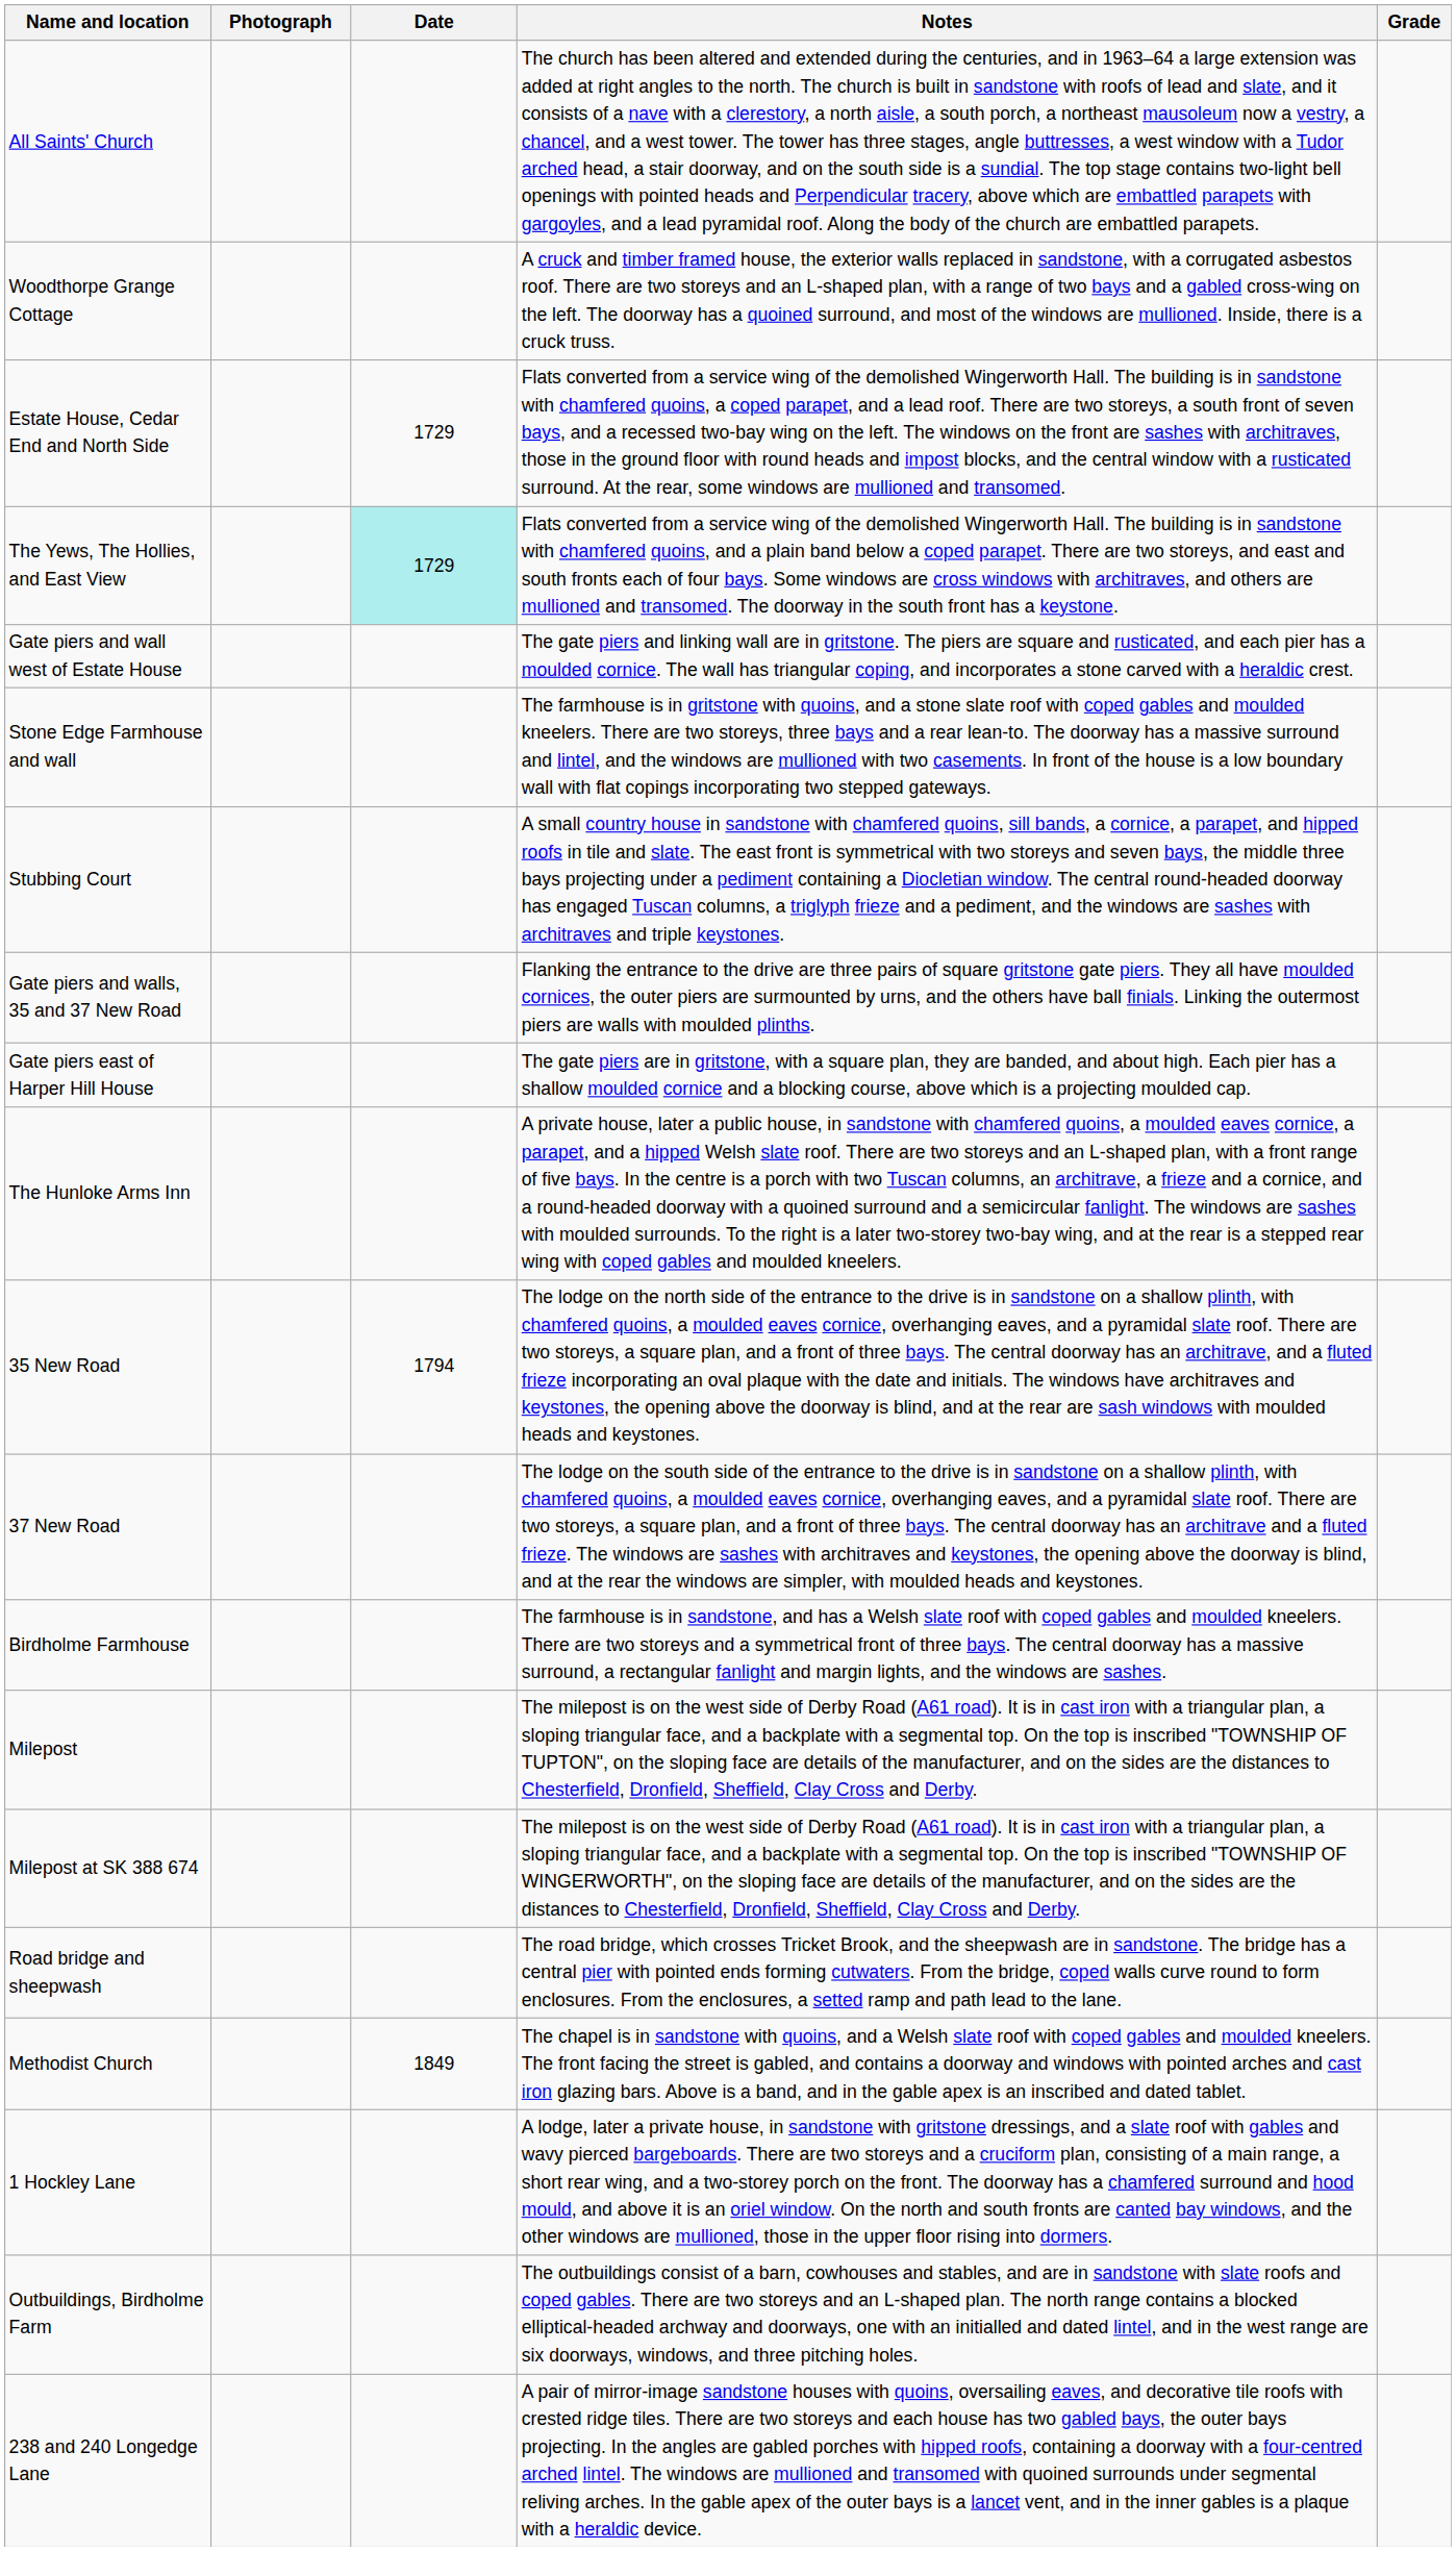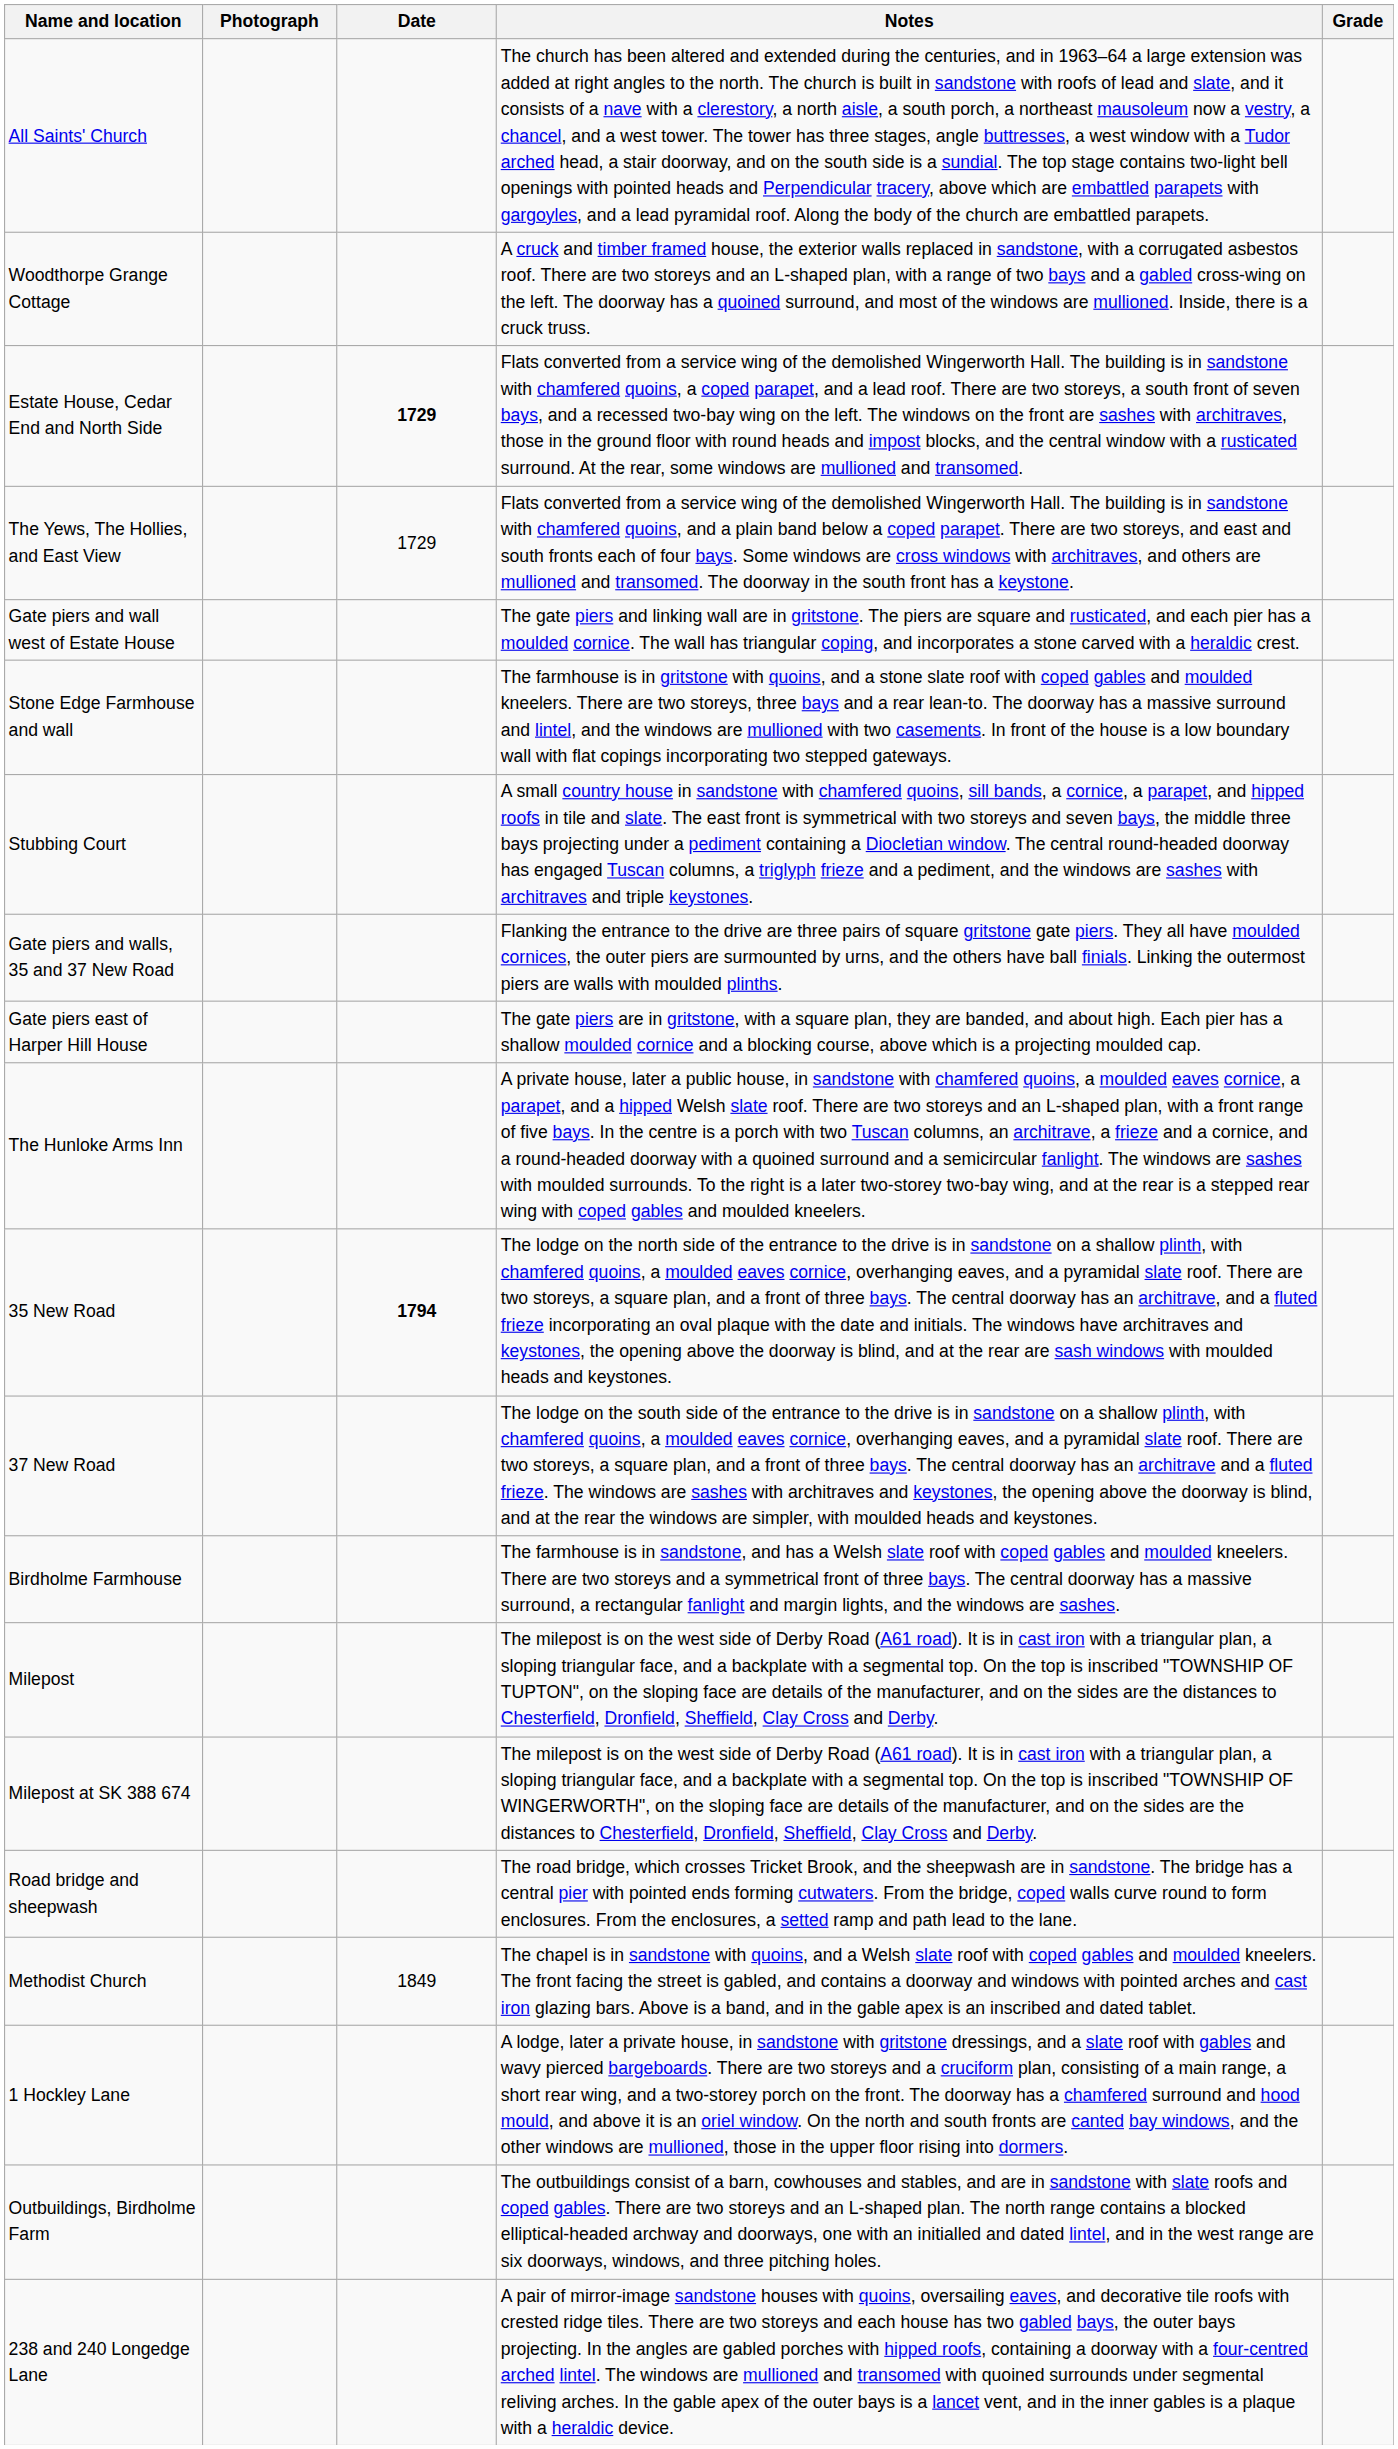 <table class="wikitable sortable plainrowheaders" style="width:100%; border:0; text-align:left; line-height:150%;">
 <tr>
 <th scope="col"  style="width:150px">Name and location</th>
 <th scope="col"  style="width:100px" class="unsortable">Photograph</th>
 <th scope="col"  style="width:120px">Date</th>
 <th scope="col"  style="width:650px" class="unsortable">Notes</th>
 <th scope="col"  style="width:50px">Grade</th>
 </tr>
 <tr>
 <td><a href='#'>All Saints' Church</a><br><small></small></td>
 <td></td>
 <td align="center"></td>
 <td>The church has been altered and extended during the centuries, and in 1963–64 a large extension was added at right angles to the north.  The church is built in <a href='#'>sandstone</a> with roofs of lead and <a href='#'>slate</a>, and it consists of a <a href='#'>nave</a> with a <a href='#'>clerestory</a>, a north <a href='#'>aisle</a>, a south porch, a northeast <a href='#'>mausoleum</a> now a <a href='#'>vestry</a>, a <a href='#'>chancel</a>, and a west tower. The tower has three stages, angle <a href='#'>buttresses</a>, a west window with a <a href='#'>Tudor arched</a> head, a stair doorway, and on the south side is a <a href='#'>sundial</a>.  The top stage contains two-light bell openings with pointed heads and <a href='#'>Perpendicular</a> <a href='#'>tracery</a>, above which are <a href='#'>embattled</a> <a href='#'>parapets</a> with <a href='#'>gargoyles</a>, and a lead pyramidal roof.  Along the body of the church are embattled parapets.</td>
 <td align="center" ></td>
 </tr>
 <tr>
 <td>Woodthorpe Grange Cottage<br><small></small></td>
 <td></td>
 <td align="center"></td>
 <td>A <a href='#'>cruck</a> and <a href='#'>timber framed</a> house, the exterior walls replaced in <a href='#'>sandstone</a>, with  a corrugated asbestos roof.  There are two storeys and an L-shaped plan, with a range of two <a href='#'>bays</a> and a <a href='#'>gabled</a> cross-wing on the left.  The doorway has a <a href='#'>quoined</a> surround, and most of the windows are <a href='#'>mullioned</a>.  Inside, there is a cruck truss.</td>
 <td align="center" ></td>
 </tr>
 <tr>
 <td>Estate House, Cedar End and North Side<br><small></small></td>
 <td></td>
-<td align="center">1729</td>
+<td align="center"><strong>1729</strong></td>
 <td>Flats converted from a service wing of the demolished Wingerworth Hall.  The building is in <a href='#'>sandstone</a> with <a href='#'>chamfered</a> <a href='#'>quoins</a>, a <a href='#'>coped</a> <a href='#'>parapet</a>, and a lead roof.  There are two storeys, a south front of seven <a href='#'>bays</a>, and a recessed two-bay wing on the left.  The windows on the front are <a href='#'>sashes</a> with <a href='#'>architraves</a>, those in the ground floor with round heads and <a href='#'>impost</a> blocks, and the central window with a <a href='#'>rusticated</a> surround.  At the rear, some windows are <a href='#'>mullioned</a> and <a href='#'>transomed</a>.</td>
 <td align="center" ></td>
 </tr>
 <tr>
 <td>The Yews, The Hollies, and East View<br><small></small></td>
 <td></td>
-<td align="center" style="background: paleturquoise;">1729</td>
+<td align="center">1729</td>
 <td>Flats converted from a service wing of the demolished Wingerworth Hall.  The building is in <a href='#'>sandstone</a> with <a href='#'>chamfered</a> <a href='#'>quoins</a>, and a plain band below a <a href='#'>coped</a> <a href='#'>parapet</a>.  There are two storeys, and east and south fronts each of four <a href='#'>bays</a>.  Some windows are <a href='#'>cross windows</a> with <a href='#'>architraves</a>, and others are <a href='#'>mullioned</a> and <a href='#'>transomed</a>.  The doorway in the south front has a <a href='#'>keystone</a>.</td>
 <td align="center" ></td>
 </tr>
 <tr>
 <td>Gate piers and wall west of Estate House<br><small></small></td>
 <td></td>
 <td align="center"></td>
 <td>The gate <a href='#'>piers</a> and linking wall are in <a href='#'>gritstone</a>.  The piers are square and <a href='#'>rusticated</a>, and each pier has a <a href='#'>moulded</a> <a href='#'>cornice</a>.  The wall has triangular <a href='#'>coping</a>, and incorporates a stone carved with a <a href='#'>heraldic</a> crest.</td>
 <td align="center" ></td>
 </tr>
 <tr>
 <td>Stone Edge Farmhouse and wall<br><small></small></td>
 <td></td>
 <td align="center"></td>
 <td>The farmhouse is in <a href='#'>gritstone</a> with <a href='#'>quoins</a>, and a stone slate roof with <a href='#'>coped</a> <a href='#'>gables</a> and <a href='#'>moulded</a> kneelers.  There are two storeys, three <a href='#'>bays</a> and a rear lean-to.  The doorway has a massive surround and <a href='#'>lintel</a>, and the windows are <a href='#'>mullioned</a> with two <a href='#'>casements</a>.  In front of the house is a low boundary wall with flat copings incorporating two stepped gateways.</td>
 <td align="center" ></td>
 </tr>
 <tr>
 <td>Stubbing Court<br><small></small></td>
 <td></td>
 <td align="center"></td>
 <td>A small <a href='#'>country house</a> in <a href='#'>sandstone</a> with <a href='#'>chamfered</a> <a href='#'>quoins</a>, <a href='#'>sill bands</a>, a <a href='#'>cornice</a>, a <a href='#'>parapet</a>, and <a href='#'>hipped roofs</a> in tile and <a href='#'>slate</a>.  The east front is symmetrical with two storeys and seven <a href='#'>bays</a>, the middle three bays projecting under a <a href='#'>pediment</a> containing a <a href='#'>Diocletian window</a>.  The central round-headed doorway has engaged <a href='#'>Tuscan</a> columns, a <a href='#'>triglyph</a> <a href='#'>frieze</a> and a pediment, and the windows are <a href='#'>sashes</a> with <a href='#'>architraves</a> and triple <a href='#'>keystones</a>.</td>
 <td align="center" ></td>
 </tr>
 <tr>
 <td>Gate piers and walls,<br>35 and 37 New Road<br><small></small></td>
 <td></td>
 <td align="center"></td>
 <td>Flanking the entrance to the drive are three pairs of square <a href='#'>gritstone</a> gate <a href='#'>piers</a>.  They all have <a href='#'>moulded</a> <a href='#'>cornices</a>, the outer piers are surmounted by urns, and the others have ball <a href='#'>finials</a>.  Linking the outermost piers are walls with moulded <a href='#'>plinths</a>.</td>
 <td align="center" ></td>
 </tr>
 <tr>
 <td>Gate piers east of Harper Hill House<br><small></small></td>
 <td></td>
 <td align="center"></td>
 <td>The gate <a href='#'>piers</a> are in <a href='#'>gritstone</a>, with a square plan, they are banded, and about  high. Each pier has a shallow <a href='#'>moulded</a> <a href='#'>cornice</a> and a blocking course, above which is a projecting moulded cap.</td>
 <td align="center" ></td>
 </tr>
 <tr>
 <td>The Hunloke Arms Inn<br><small></small></td>
 <td></td>
 <td align="center"></td>
 <td>A private house, later a public house, in <a href='#'>sandstone</a> with <a href='#'>chamfered</a> <a href='#'>quoins</a>, a <a href='#'>moulded</a> <a href='#'>eaves</a> <a href='#'>cornice</a>, a <a href='#'>parapet</a>, and a <a href='#'>hipped</a> Welsh <a href='#'>slate</a> roof.  There are two storeys and an L-shaped plan, with a front range of five <a href='#'>bays</a>.  In the centre is a porch with two <a href='#'>Tuscan</a> columns, an <a href='#'>architrave</a>, a <a href='#'>frieze</a> and a cornice, and a round-headed doorway with a quoined surround and a semicircular <a href='#'>fanlight</a>.  The windows are <a href='#'>sashes</a> with moulded surrounds.  To the right is a later two-storey two-bay wing, and at the rear is a stepped rear wing with <a href='#'>coped</a> <a href='#'>gables</a> and moulded kneelers.</td>
 <td align="center" ></td>
 </tr>
 <tr>
 <td>35 New Road<br><small></small></td>
 <td></td>
-<td align="center">1794</td>
+<td align="center"><strong>1794</strong></td>
 <td>The lodge on the north side of the entrance to the drive is in <a href='#'>sandstone</a> on a shallow <a href='#'>plinth</a>, with <a href='#'>chamfered</a> <a href='#'>quoins</a>, a <a href='#'>moulded</a> <a href='#'>eaves</a> <a href='#'>cornice</a>, overhanging eaves, and a pyramidal <a href='#'>slate</a> roof.  There are two storeys, a square plan, and a front of three <a href='#'>bays</a>.  The central doorway has an <a href='#'>architrave</a>, and a <a href='#'>fluted</a> <a href='#'>frieze</a> incorporating an oval plaque with the date and initials.  The windows have architraves and <a href='#'>keystones</a>, the opening above the doorway is blind, and at the rear are <a href='#'>sash windows</a> with moulded heads and keystones.</td>
 <td align="center" ></td>
 </tr>
 <tr>
 <td>37 New Road<br><small></small></td>
 <td></td>
 <td align="center"></td>
 <td>The lodge on the south side of the entrance to the drive is in <a href='#'>sandstone</a> on a shallow <a href='#'>plinth</a>, with <a href='#'>chamfered</a> <a href='#'>quoins</a>, a <a href='#'>moulded</a> <a href='#'>eaves</a> <a href='#'>cornice</a>, overhanging eaves, and a pyramidal <a href='#'>slate</a> roof.  There are two storeys, a square plan, and a front of three <a href='#'>bays</a>.  The central doorway has an <a href='#'>architrave</a> and a <a href='#'>fluted</a> <a href='#'>frieze</a>.  The windows are <a href='#'>sashes</a> with architraves and <a href='#'>keystones</a>, the opening above the doorway is blind, and at the rear the windows are simpler, with moulded heads and keystones.</td>
 <td align="center" ></td>
 </tr>
 <tr>
 <td>Birdholme Farmhouse<br><small></small></td>
 <td></td>
 <td align="center"></td>
 <td>The farmhouse is in <a href='#'>sandstone</a>, and has a Welsh <a href='#'>slate</a> roof with <a href='#'>coped</a> <a href='#'>gables</a> and <a href='#'>moulded</a> kneelers.  There are two storeys and a symmetrical front of three <a href='#'>bays</a>.  The central doorway has a massive surround, a rectangular <a href='#'>fanlight</a> and margin lights, and the windows are <a href='#'>sashes</a>.</td>
 <td align="center" ></td>
 </tr>
 <tr>
 <td>Milepost<br><small></small></td>
 <td></td>
 <td align="center"></td>
 <td>The milepost is on the west side of Derby Road (<a href='#'>A61 road</a>).  It is in <a href='#'>cast iron</a> with a triangular plan, a sloping triangular face, and a backplate with a segmental top.  On the top is inscribed "TOWNSHIP OF TUPTON", on the sloping face are details of the manufacturer, and on the sides are the distances to <a href='#'>Chesterfield</a>, <a href='#'>Dronfield</a>, <a href='#'>Sheffield</a>, <a href='#'>Clay Cross</a> and <a href='#'>Derby</a>.</td>
 <td align="center" ></td>
 </tr>
 <tr>
 <td>Milepost at SK 388 674<br><small></small></td>
 <td></td>
 <td align="center"></td>
 <td>The milepost is on the west side of Derby Road (<a href='#'>A61 road</a>).  It is in <a href='#'>cast iron</a> with a triangular plan, a sloping triangular face, and a backplate with a segmental top.  On the top is inscribed "TOWNSHIP OF WINGERWORTH", on the sloping face are details of the manufacturer, and on the sides are the distances to <a href='#'>Chesterfield</a>, <a href='#'>Dronfield</a>, <a href='#'>Sheffield</a>, <a href='#'>Clay Cross</a> and <a href='#'>Derby</a>.</td>
 <td align="center" ></td>
 </tr>
 <tr>
 <td>Road bridge and sheepwash<br><small></small></td>
 <td></td>
 <td align="center"></td>
 <td>The road bridge, which crosses Tricket Brook, and the sheepwash are in <a href='#'>sandstone</a>.  The bridge has a central <a href='#'>pier</a> with pointed ends forming <a href='#'>cutwaters</a>.  From the bridge, <a href='#'>coped</a> walls curve round to form enclosures.  From the enclosures, a <a href='#'>setted</a> ramp and path lead to the lane.</td>
 <td align="center" ></td>
 </tr>
 <tr>
 <td>Methodist Church<br><small></small></td>
 <td></td>
 <td align="center">1849</td>
 <td>The chapel is in <a href='#'>sandstone</a> with <a href='#'>quoins</a>, and a Welsh <a href='#'>slate</a> roof with <a href='#'>coped</a> <a href='#'>gables</a> and <a href='#'>moulded</a> kneelers.  The front facing the street is gabled, and contains a doorway and windows with pointed arches and <a href='#'>cast iron</a> glazing bars.  Above is a band, and in the gable apex is an inscribed and dated tablet.</td>
 <td align="center" ></td>
 </tr>
 <tr>
 <td>1 Hockley Lane<br><small></small></td>
 <td></td>
 <td align="center"></td>
 <td>A lodge, later a private house, in <a href='#'>sandstone</a> with <a href='#'>gritstone</a> dressings, and a <a href='#'>slate</a> roof with <a href='#'>gables</a> and wavy pierced <a href='#'>bargeboards</a>.  There are two storeys and a <a href='#'>cruciform</a> plan, consisting of a main range, a short rear wing, and a two-storey porch on the front.  The doorway has a <a href='#'>chamfered</a> surround and <a href='#'>hood mould</a>, and above it is an <a href='#'>oriel window</a>.  On the north and south fronts are <a href='#'>canted</a> <a href='#'>bay windows</a>, and the other windows are <a href='#'>mullioned</a>, those in the upper floor rising into <a href='#'>dormers</a>.</td>
 <td align="center" ></td>
 </tr>
 <tr>
 <td>Outbuildings, Birdholme Farm<br><small></small></td>
 <td></td>
 <td align="center"></td>
 <td>The outbuildings consist of a barn, cowhouses and stables, and are in <a href='#'>sandstone</a> with <a href='#'>slate</a> roofs and <a href='#'>coped</a> <a href='#'>gables</a>.  There are two storeys and an L-shaped plan.  The north range contains a blocked elliptical-headed archway and doorways, one with an initialled and dated <a href='#'>lintel</a>, and in the west range are six doorways, windows, and three pitching holes.</td>
 <td align="center" ></td>
 </tr>
 <tr>
 <td>238 and 240 Longedge Lane<br><small></small></td>
 <td></td>
 <td align="center"></td>
 <td>A pair of mirror-image <a href='#'>sandstone</a> houses with <a href='#'>quoins</a>, oversailing <a href='#'>eaves</a>, and decorative tile roofs with crested ridge tiles.  There are two storeys and each house has two <a href='#'>gabled</a> <a href='#'>bays</a>, the outer bays projecting.  In the angles are gabled porches with <a href='#'>hipped roofs</a>, containing a doorway with a <a href='#'>four-centred arched</a> <a href='#'>lintel</a>.  The windows are <a href='#'>mullioned</a> and <a href='#'>transomed</a> with quoined surrounds under segmental reliving arches.  In the gable apex of the outer bays is a <a href='#'>lancet</a> vent, and in the inner gables is a plaque with a <a href='#'>heraldic</a> device.</td>
 <td align="center" ></td>
 </tr>
 <tr>
 </tr>
 </table>
